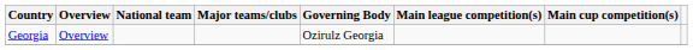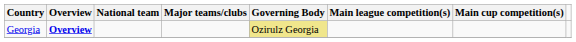 <table class="wikitable">
 <tr>
 <th>Country</th>
 <th>Overview</th>
 <th>National team</th>
 <th>Major teams/clubs</th>
 <th>Governing Body</th>
 <th>Main league competition(s)</th>
 <th>Main cup competition(s)</th>
 </tr>
 <tr>
 <td> <a href='#'>Georgia</a></td>
-<td><a href='#'>Overview</a></td>
+<td><strong><a href='#'>Overview</a></strong></td>
 <td></td>
 <td></td>
-<td>Ozirulz Georgia</td>
+<td style="background: khaki;">Ozirulz Georgia</td>
 <td></td>
 <td></td>
 <td></td>
 </tr>
 <tr>
 </tr>
 </table>
